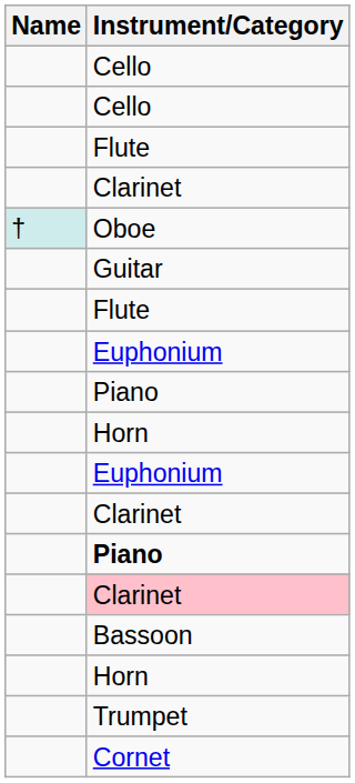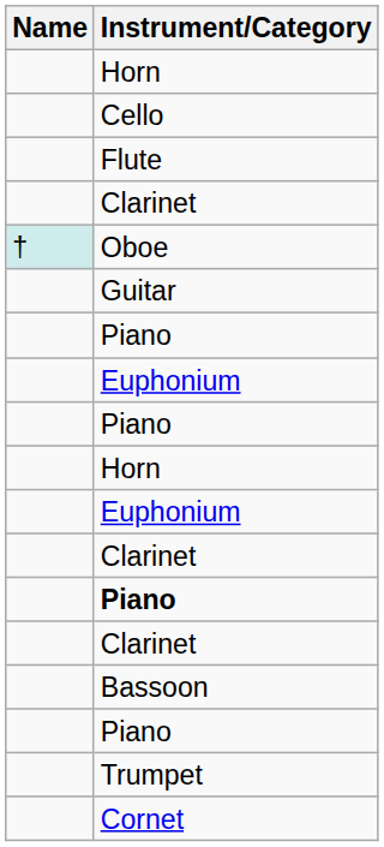 <table class="wikitable sortable" style="font-size: 95%">
 <tr>
 <th>Name</th>
 <th>Instrument/Category</th>
 </tr>
 <tr>
 <td></td>
-<td>Cello</td>
+<td>Horn</td>
 </tr>
 <tr>
 <td></td>
 <td>Cello</td>
 </tr>
 <tr>
 <td></td>
 <td>Flute</td>
 </tr>
 <tr>
 <td></td>
 <td>Clarinet</td>
 </tr>
 <tr>
 <td bgcolor="#CFECEC"><strong></strong>†</td>
 <td>Oboe</td>
 </tr>
 <tr>
 <td></td>
 <td>Guitar</td>
 </tr>
 <tr>
 <td></td>
-<td>Flute</td>
+<td>Piano</td>
 </tr>
 <tr>
 <td></td>
 <td><a href='#'>Euphonium</a></td>
 </tr>
 <tr>
 <td></td>
 <td>Piano</td>
 </tr>
 <tr>
 <td></td>
 <td>Horn</td>
 </tr>
 <tr>
 <td><strong></strong></td>
 <td><a href='#'>Euphonium</a></td>
 </tr>
 <tr>
 <td></td>
 <td>Clarinet</td>
 </tr>
 <tr>
 <td><strong></strong></td>
 <td><strong>Piano</strong></td>
 </tr>
 <tr>
 <td></td>
-<td style="background: pink;">Clarinet</td>
+<td>Clarinet</td>
 </tr>
 <tr>
 <td></td>
 <td>Bassoon</td>
 </tr>
 <tr>
 <td></td>
-<td>Horn</td>
+<td>Piano</td>
 </tr>
 <tr>
 <td></td>
 <td>Trumpet</td>
 </tr>
 <tr>
 <td><strong></strong></td>
 <td><a href='#'>Cornet</a></td>
 </tr>
 </table>
